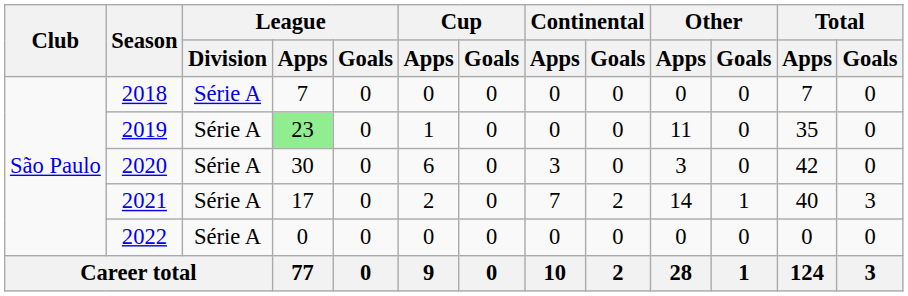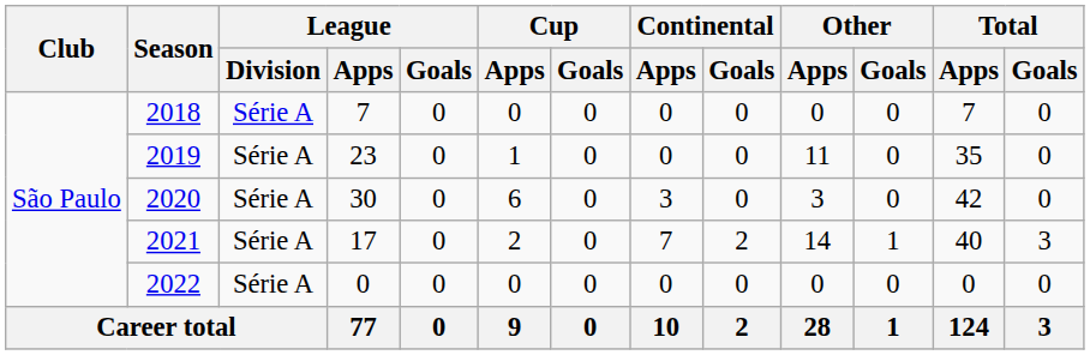 <table class="wikitable" style="text-align:center">
 <tr>
 <th rowspan="2">Club</th>
 <th rowspan="2">Season</th>
 <th colspan="3">League</th>
 <th colspan="2">Cup</th>
 <th colspan="2">Continental</th>
 <th colspan="2">Other</th>
 <th colspan="2">Total</th>
 </tr>
 <tr>
 <th>Division</th>
 <th>Apps</th>
 <th>Goals</th>
 <th>Apps</th>
 <th>Goals</th>
 <th>Apps</th>
 <th>Goals</th>
 <th>Apps</th>
 <th>Goals</th>
 <th>Apps</th>
 <th>Goals</th>
 </tr>
 <tr>
 <td rowspan="5"><a href='#'>São Paulo</a></td>
 <td><a href='#'>2018</a></td>
 <td><a href='#'>Série A</a></td>
 <td>7</td>
 <td>0</td>
 <td>0</td>
 <td>0</td>
 <td>0</td>
 <td>0</td>
 <td>0</td>
 <td>0</td>
 <td>7</td>
 <td>0</td>
 </tr>
 <tr>
 <td><a href='#'>2019</a></td>
 <td>Série A</td>
-<td style="background: lightgreen;">23</td>
+<td>23</td>
 <td>0</td>
 <td>1</td>
 <td>0</td>
 <td>0</td>
 <td>0</td>
 <td>11</td>
 <td>0</td>
 <td>35</td>
 <td>0</td>
 </tr>
 <tr>
 <td><a href='#'>2020</a></td>
 <td>Série A</td>
 <td>30</td>
 <td>0</td>
 <td>6</td>
 <td>0</td>
 <td>3</td>
 <td>0</td>
 <td>3</td>
 <td>0</td>
 <td>42</td>
 <td>0</td>
 </tr>
 <tr>
 <td><a href='#'>2021</a></td>
 <td>Série A</td>
 <td>17</td>
 <td>0</td>
 <td>2</td>
 <td>0</td>
 <td>7</td>
 <td>2</td>
 <td>14</td>
 <td>1</td>
 <td>40</td>
 <td>3</td>
 </tr>
 <tr>
 <td><a href='#'>2022</a></td>
 <td>Série A</td>
 <td>0</td>
 <td>0</td>
 <td>0</td>
 <td>0</td>
 <td>0</td>
 <td>0</td>
 <td>0</td>
 <td>0</td>
 <td>0</td>
 <td>0</td>
 </tr>
 <tr>
 <th colspan="3">Career total</th>
 <th>77</th>
 <th>0</th>
 <th>9</th>
 <th>0</th>
 <th>10</th>
 <th>2</th>
 <th>28</th>
 <th>1</th>
 <th>124</th>
 <th>3</th>
 </tr>
 </table>
